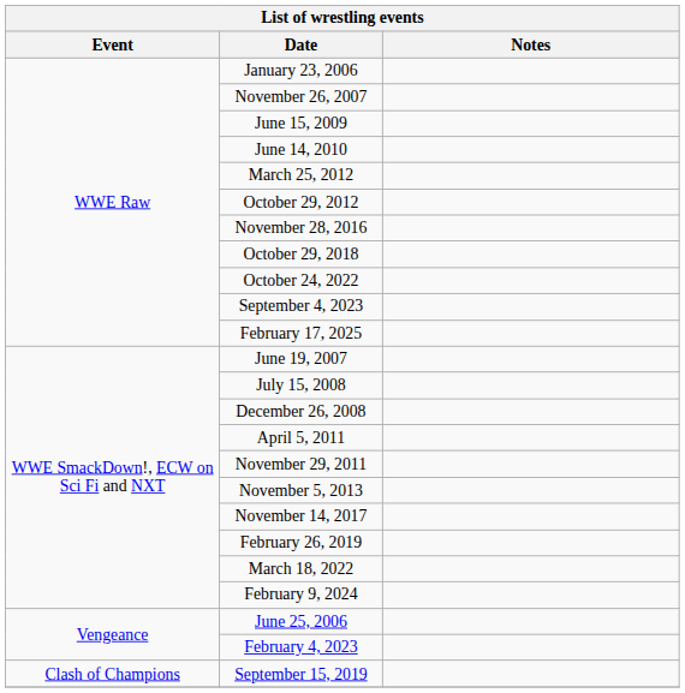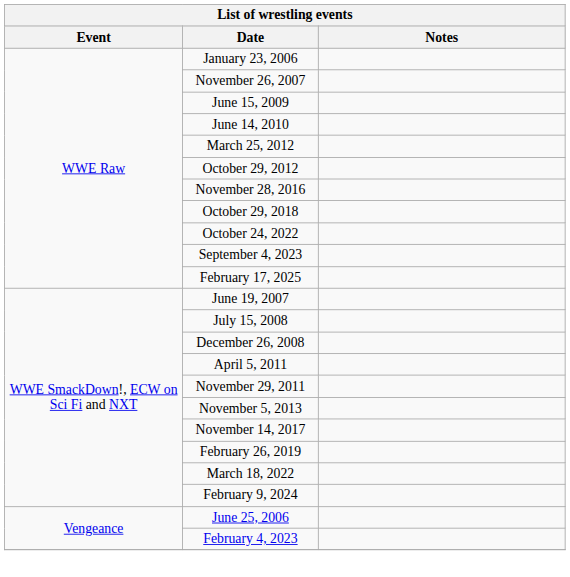 <table class="wikitable collapsible collapsed" style="text-align:center;">
 <tr>
 <th colspan="3">List of wrestling events</th>
 </tr>
 <tr bgcolor="#CCCCCC">
 <th width="200">Event</th>
 <th width="150">Date</th>
 <th width="280">Notes</th>
 </tr>
 <tr>
 <td rowspan="11"><a href='#'>WWE Raw</a></td>
 <td>January 23, 2006</td>
 <td></td>
 </tr>
 <tr>
 <td>November 26, 2007</td>
 <td></td>
 </tr>
 <tr>
 <td>June 15, 2009</td>
 <td></td>
 </tr>
 <tr>
 <td>June 14, 2010</td>
 <td></td>
 </tr>
 <tr>
 <td>March 25, 2012</td>
 <td></td>
 </tr>
 <tr>
 <td>October 29, 2012</td>
 <td></td>
 </tr>
 <tr>
 <td>November 28, 2016</td>
 <td></td>
 </tr>
 <tr>
 <td>October 29, 2018</td>
 <td></td>
 </tr>
 <tr>
 <td>October 24, 2022</td>
 <td></td>
 </tr>
 <tr>
 <td>September 4, 2023</td>
 <td></td>
 </tr>
 <tr>
 <td>February 17, 2025</td>
 <td></td>
 </tr>
 <tr>
 <td rowspan="10"><a href='#'>WWE SmackDown</a>!, <a href='#'>ECW on Sci Fi</a> and <a href='#'>NXT</a></td>
 <td>June 19, 2007</td>
 <td></td>
 </tr>
 <tr>
 <td>July 15, 2008</td>
 <td></td>
 </tr>
 <tr>
 <td>December 26, 2008</td>
 <td></td>
 </tr>
 <tr>
 <td>April 5, 2011</td>
 <td></td>
 </tr>
 <tr>
 <td>November 29, 2011</td>
 <td></td>
 </tr>
 <tr>
 <td>November 5, 2013</td>
 <td></td>
 </tr>
 <tr>
 <td>November 14, 2017</td>
 <td></td>
 </tr>
 <tr>
 <td>February 26, 2019</td>
 <td></td>
 </tr>
 <tr>
 <td>March 18, 2022</td>
 <td></td>
 </tr>
 <tr>
 <td>February 9, 2024</td>
 <td></td>
 </tr>
 <tr>
 <td rowspan="2"><a href='#'>Vengeance</a></td>
 <td><a href='#'>June 25, 2006</a></td>
 <td></td>
 </tr>
 <tr>
 <td><a href='#'>February 4, 2023</a></td>
 <td></td>
 </tr>
 <tr>
-<td rowspan="1"><a href='#'>Clash of Champions</a></td>
-<td><a href='#'>September 15, 2019</a></td>
-<td></td>
-</tr>
-<tr>
 </tr>
 </table>
